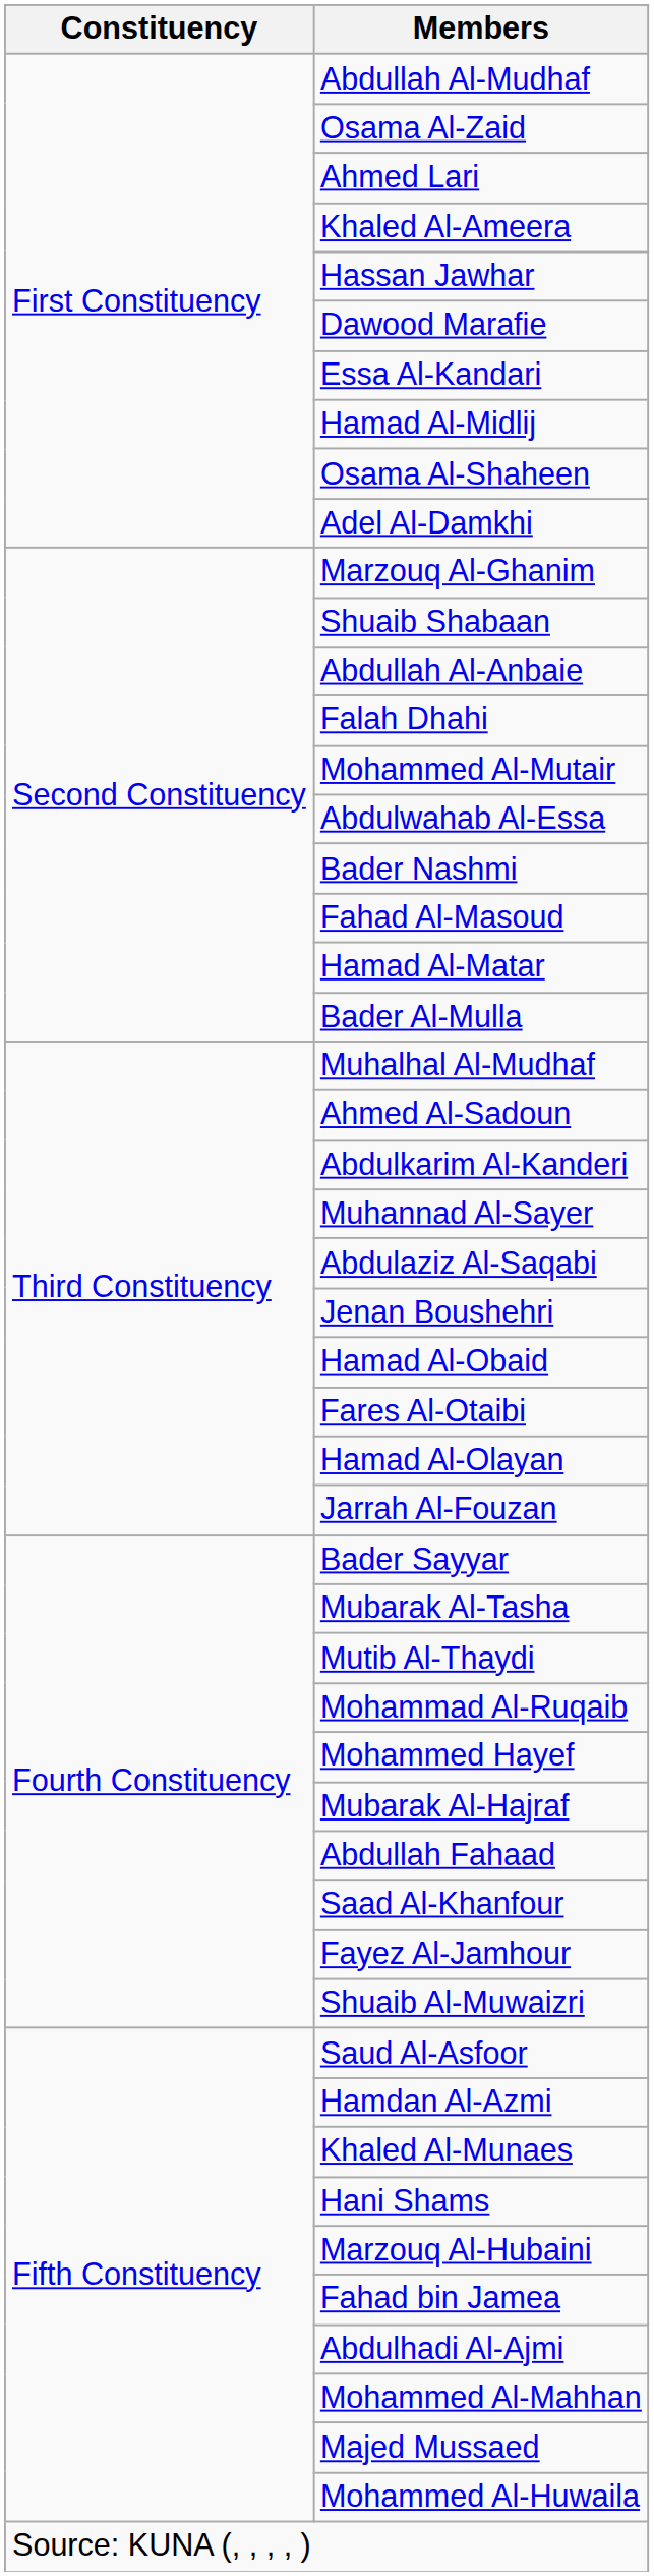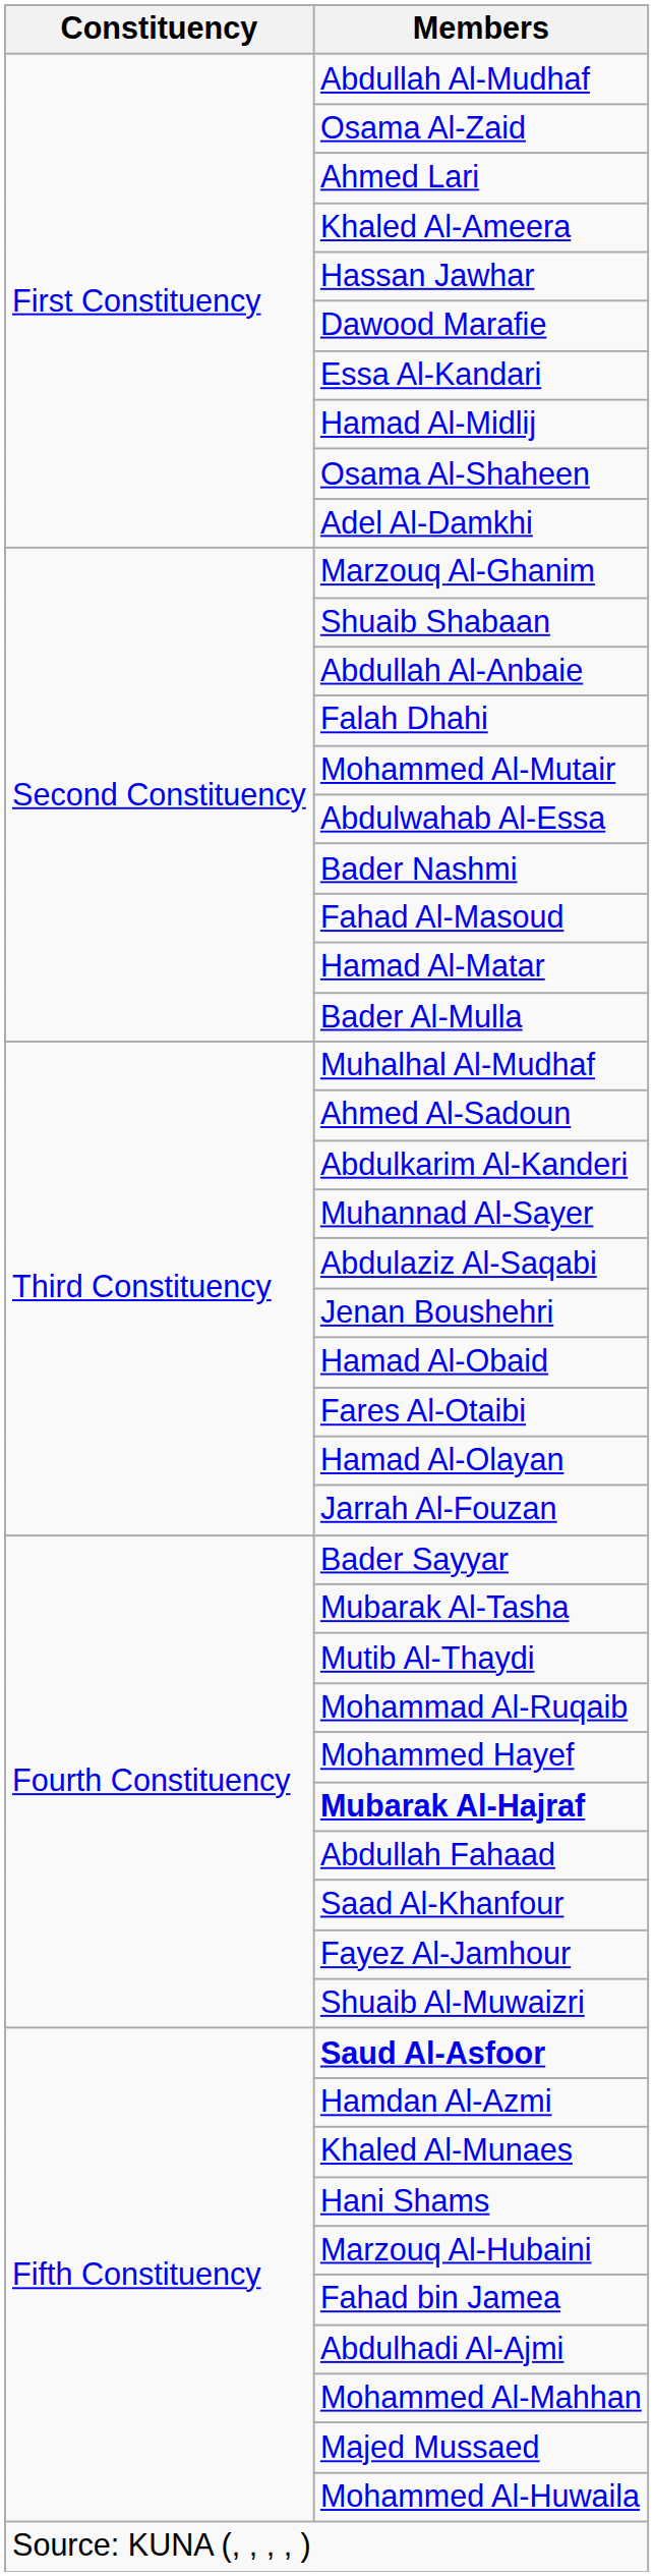 <table class=wikitable style=text-align:right>
 <tr>
 <th>Constituency</th>
 <th>Members</th>
 </tr>
 <tr>
 <td rowspan="10" align="left"><a href='#'>First Constituency</a></td>
 <td align="left"><a href='#'>Abdullah Al-Mudhaf</a></td>
 </tr>
 <tr>
 <td align="left"><a href='#'>Osama Al-Zaid</a></td>
 </tr>
 <tr>
 <td align="left"><a href='#'>Ahmed Lari</a></td>
 </tr>
 <tr>
 <td align="left"><a href='#'>Khaled Al-Ameera</a></td>
 </tr>
 <tr>
 <td align="left"><a href='#'>Hassan Jawhar</a></td>
 </tr>
 <tr>
 <td align="left"><a href='#'>Dawood Marafie</a></td>
 </tr>
 <tr>
 <td align="left"><a href='#'>Essa Al-Kandari</a></td>
 </tr>
 <tr>
 <td align="left"><a href='#'>Hamad Al-Midlij</a></td>
 </tr>
 <tr>
 <td align="left"><a href='#'>Osama Al-Shaheen</a></td>
 </tr>
 <tr>
 <td align="left"><a href='#'>Adel Al-Damkhi</a></td>
 </tr>
 <tr>
 <td rowspan="10" align="left"><a href='#'>Second Constituency</a></td>
 <td align="left"><a href='#'>Marzouq Al-Ghanim</a></td>
 </tr>
 <tr>
 <td align="left"><a href='#'>Shuaib Shabaan</a></td>
 </tr>
 <tr>
 <td align="left"><a href='#'>Abdullah Al-Anbaie</a></td>
 </tr>
 <tr>
 <td align="left"><a href='#'>Falah Dhahi</a></td>
 </tr>
 <tr>
 <td align="left"><a href='#'>Mohammed Al-Mutair</a></td>
 </tr>
 <tr>
 <td align="left"><a href='#'>Abdulwahab Al-Essa</a></td>
 </tr>
 <tr>
 <td align="left"><a href='#'>Bader Nashmi</a></td>
 </tr>
 <tr>
 <td align="left"><a href='#'>Fahad Al-Masoud</a></td>
 </tr>
 <tr>
 <td align="left"><a href='#'>Hamad Al-Matar</a></td>
 </tr>
 <tr>
 <td align="left"><a href='#'>Bader Al-Mulla</a></td>
 </tr>
 <tr>
 <td rowspan="10" align="left"><a href='#'>Third Constituency</a></td>
 <td align="left"><a href='#'>Muhalhal Al-Mudhaf</a></td>
 </tr>
 <tr>
 <td align="left"><a href='#'>Ahmed Al-Sadoun</a></td>
 </tr>
 <tr>
 <td align="left"><a href='#'>Abdulkarim Al-Kanderi</a></td>
 </tr>
 <tr>
 <td align="left"><a href='#'>Muhannad Al-Sayer</a></td>
 </tr>
 <tr>
 <td align="left"><a href='#'>Abdulaziz Al-Saqabi</a></td>
 </tr>
 <tr>
 <td align="left"><a href='#'>Jenan Boushehri</a></td>
 </tr>
 <tr>
 <td align="left"><a href='#'>Hamad Al-Obaid</a></td>
 </tr>
 <tr>
 <td align="left"><a href='#'>Fares Al-Otaibi</a></td>
 </tr>
 <tr>
 <td align="left"><a href='#'>Hamad Al-Olayan</a></td>
 </tr>
 <tr>
 <td align="left"><a href='#'>Jarrah Al-Fouzan</a></td>
 </tr>
 <tr>
 <td rowspan="10" align="left"><a href='#'>Fourth Constituency</a></td>
 <td align="left"><a href='#'>Bader Sayyar</a></td>
 </tr>
 <tr>
 <td align="left"><a href='#'>Mubarak Al-Tasha</a></td>
 </tr>
 <tr>
 <td align="left"><a href='#'>Mutib Al-Thaydi</a></td>
 </tr>
 <tr>
 <td align="left"><a href='#'>Mohammad Al-Ruqaib</a></td>
 </tr>
 <tr>
 <td align="left"><a href='#'>Mohammed Hayef</a></td>
 </tr>
 <tr>
-<td align="left"><a href='#'>Mubarak Al-Hajraf</a></td>
+<td align="left"><strong><a href='#'>Mubarak Al-Hajraf</a></strong></td>
 </tr>
 <tr>
 <td align="left"><a href='#'>Abdullah Fahaad</a></td>
 </tr>
 <tr>
 <td align="left"><a href='#'>Saad Al-Khanfour</a></td>
 </tr>
 <tr>
 <td align="left"><a href='#'>Fayez Al-Jamhour</a></td>
 </tr>
 <tr>
 <td align="left"><a href='#'>Shuaib Al-Muwaizri</a></td>
 </tr>
 <tr>
 <td rowspan="10" align="left"><a href='#'>Fifth Constituency</a></td>
-<td align="left"><a href='#'>Saud Al-Asfoor</a></td>
+<td align="left"><strong><a href='#'>Saud Al-Asfoor</a></strong></td>
 </tr>
 <tr>
 <td align="left"><a href='#'>Hamdan Al-Azmi</a></td>
 </tr>
 <tr>
 <td align="left"><a href='#'>Khaled Al-Munaes</a></td>
 </tr>
 <tr>
 <td align="left"><a href='#'>Hani Shams</a></td>
 </tr>
 <tr>
 <td align="left"><a href='#'>Marzouq Al-Hubaini</a></td>
 </tr>
 <tr>
 <td align="left"><a href='#'>Fahad bin Jamea</a></td>
 </tr>
 <tr>
 <td align="left"><a href='#'>Abdulhadi Al-Ajmi</a></td>
 </tr>
 <tr>
 <td align="left"><a href='#'>Mohammed Al-Mahhan</a></td>
 </tr>
 <tr>
 <td align="left"><a href='#'>Majed Mussaed</a></td>
 </tr>
 <tr>
 <td align="left"><a href='#'>Mohammed Al-Huwaila</a></td>
 </tr>
 <tr>
 <td colspan="3" align="left">Source: KUNA (, , , , )</td>
 </tr>
 </table>
